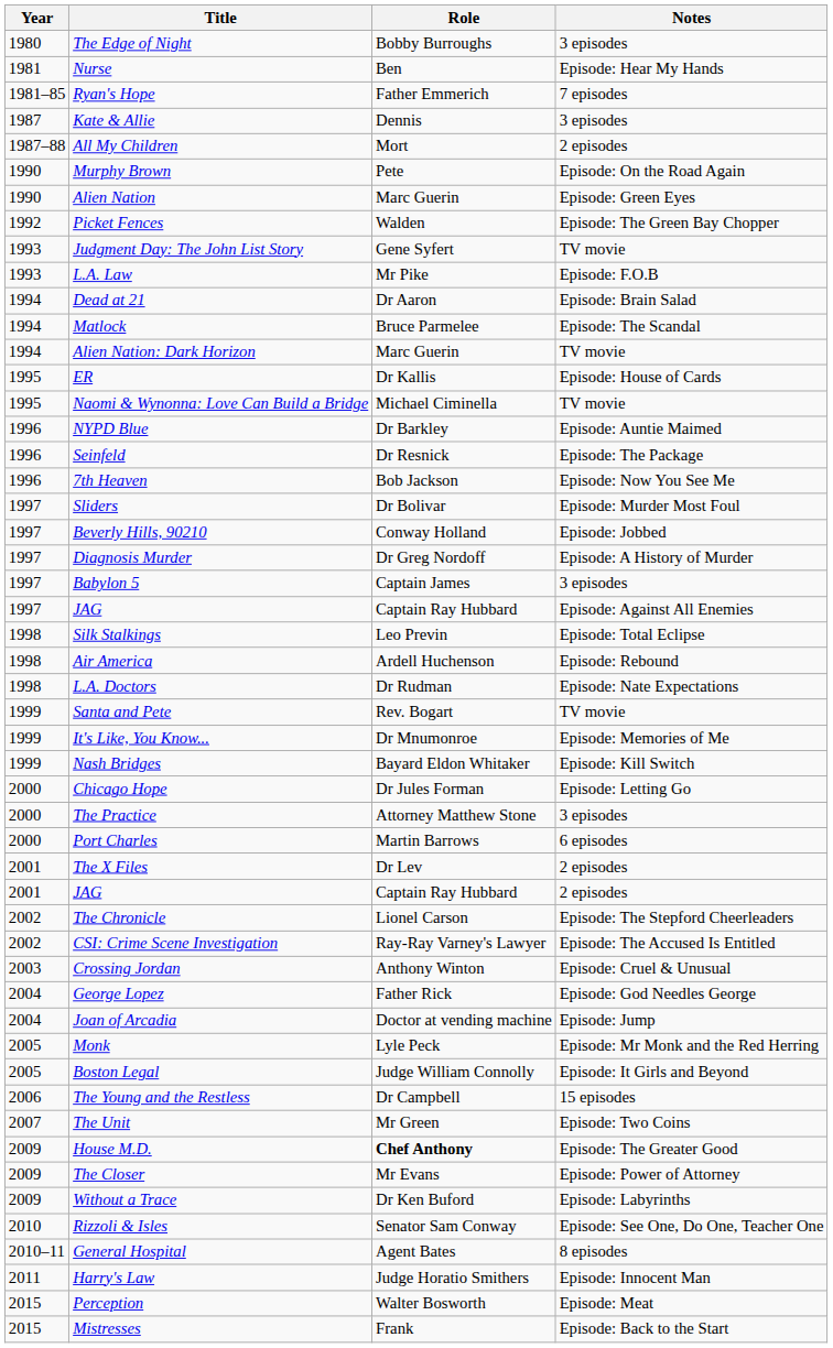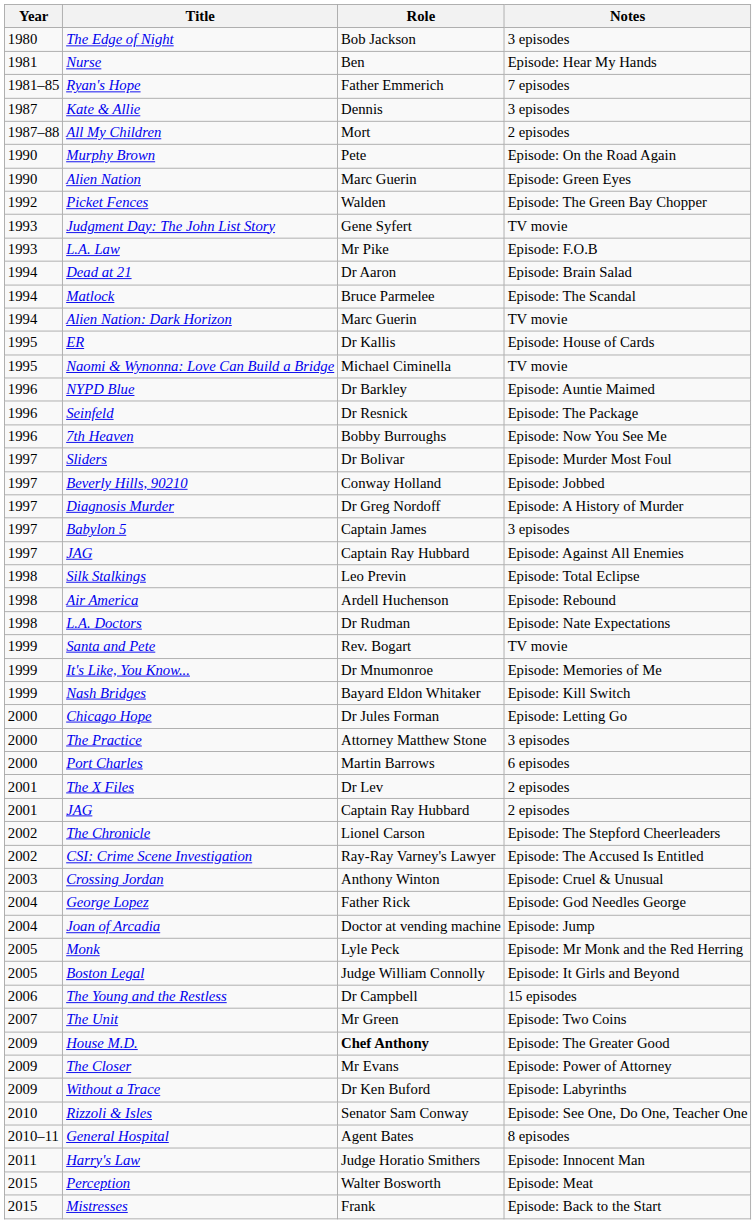 <table class="wikitable">
 <tr>
 <th>Year</th>
 <th>Title</th>
 <th>Role</th>
 <th>Notes</th>
 </tr>
 <tr>
 <td>1980</td>
 <td><em><a href='#'>The Edge of Night</a></em></td>
-<td>Bobby Burroughs</td>
+<td>Bob Jackson</td>
 <td>3 episodes</td>
 </tr>
 <tr>
 <td>1981</td>
 <td><em><a href='#'>Nurse</a></em></td>
 <td>Ben</td>
 <td>Episode: Hear My Hands</td>
 </tr>
 <tr>
 <td>1981–85</td>
 <td><em><a href='#'>Ryan's Hope</a></em></td>
 <td>Father Emmerich</td>
 <td>7 episodes</td>
 </tr>
 <tr>
 <td>1987</td>
 <td><em><a href='#'>Kate & Allie</a></em></td>
 <td>Dennis</td>
 <td>3 episodes</td>
 </tr>
 <tr>
 <td>1987–88</td>
 <td><em><a href='#'>All My Children</a></em></td>
 <td>Mort</td>
 <td>2 episodes</td>
 </tr>
 <tr>
 <td>1990</td>
 <td><em><a href='#'>Murphy Brown</a></em></td>
 <td>Pete</td>
 <td>Episode: On the Road Again</td>
 </tr>
 <tr>
 <td>1990</td>
 <td><em><a href='#'>Alien Nation</a></em></td>
 <td>Marc Guerin</td>
 <td>Episode: Green Eyes</td>
 </tr>
 <tr>
 <td>1992</td>
 <td><em><a href='#'>Picket Fences</a></em></td>
 <td>Walden</td>
 <td>Episode: The Green Bay Chopper</td>
 </tr>
 <tr>
 <td>1993</td>
 <td><em><a href='#'>Judgment Day: The John List Story</a></em></td>
 <td>Gene Syfert</td>
 <td>TV movie</td>
 </tr>
 <tr>
 <td>1993</td>
 <td><em><a href='#'>L.A. Law</a></em></td>
 <td>Mr Pike</td>
 <td>Episode: F.O.B</td>
 </tr>
 <tr>
 <td>1994</td>
 <td><em><a href='#'>Dead at 21</a></em></td>
 <td>Dr Aaron</td>
 <td>Episode: Brain Salad</td>
 </tr>
 <tr>
 <td>1994</td>
 <td><em><a href='#'>Matlock</a></em></td>
 <td>Bruce Parmelee</td>
 <td>Episode: The Scandal</td>
 </tr>
 <tr>
 <td>1994</td>
 <td><em><a href='#'>Alien Nation: Dark Horizon</a></em></td>
 <td>Marc Guerin</td>
 <td>TV movie</td>
 </tr>
 <tr>
 <td>1995</td>
 <td><em><a href='#'>ER</a></em></td>
 <td>Dr Kallis</td>
 <td>Episode: House of Cards</td>
 </tr>
 <tr>
 <td>1995</td>
 <td><em><a href='#'>Naomi & Wynonna: Love Can Build a Bridge</a></em></td>
 <td>Michael Ciminella</td>
 <td>TV movie</td>
 </tr>
 <tr>
 <td>1996</td>
 <td><em><a href='#'>NYPD Blue</a></em></td>
 <td>Dr Barkley</td>
 <td>Episode: Auntie Maimed</td>
 </tr>
 <tr>
 <td>1996</td>
 <td><em><a href='#'>Seinfeld</a></em></td>
 <td>Dr Resnick</td>
 <td>Episode: The Package</td>
 </tr>
 <tr>
 <td>1996</td>
 <td><em><a href='#'>7th Heaven</a></em></td>
-<td>Bob Jackson</td>
+<td>Bobby Burroughs</td>
 <td>Episode: Now You See Me</td>
 </tr>
 <tr>
 <td>1997</td>
 <td><em><a href='#'>Sliders</a></em></td>
 <td>Dr Bolivar</td>
 <td>Episode: Murder Most Foul</td>
 </tr>
 <tr>
 <td>1997</td>
 <td><em><a href='#'>Beverly Hills, 90210</a></em></td>
 <td>Conway Holland</td>
 <td>Episode: Jobbed</td>
 </tr>
 <tr>
 <td>1997</td>
 <td><em><a href='#'>Diagnosis Murder</a></em></td>
 <td>Dr Greg Nordoff</td>
 <td>Episode: A History of Murder</td>
 </tr>
 <tr>
 <td>1997</td>
 <td><em><a href='#'>Babylon 5</a></em></td>
 <td>Captain James</td>
 <td>3 episodes</td>
 </tr>
 <tr>
 <td>1997</td>
 <td><em><a href='#'>JAG</a></em></td>
 <td>Captain Ray Hubbard</td>
 <td>Episode: Against All Enemies</td>
 </tr>
 <tr>
 <td>1998</td>
 <td><em><a href='#'>Silk Stalkings</a></em></td>
 <td>Leo Previn</td>
 <td>Episode: Total Eclipse</td>
 </tr>
 <tr>
 <td>1998</td>
 <td><em><a href='#'>Air America</a></em></td>
 <td>Ardell Huchenson</td>
 <td>Episode: Rebound</td>
 </tr>
 <tr>
 <td>1998</td>
 <td><em><a href='#'>L.A. Doctors</a></em></td>
 <td>Dr Rudman</td>
 <td>Episode: Nate Expectations</td>
 </tr>
 <tr>
 <td>1999</td>
 <td><em><a href='#'>Santa and Pete</a></em></td>
 <td>Rev. Bogart</td>
 <td>TV movie</td>
 </tr>
 <tr>
 <td>1999</td>
 <td><em><a href='#'>It's Like, You Know...</a></em></td>
 <td>Dr Mnumonroe</td>
 <td>Episode: Memories of Me</td>
 </tr>
 <tr>
 <td>1999</td>
 <td><em><a href='#'>Nash Bridges</a></em></td>
 <td>Bayard Eldon Whitaker</td>
 <td>Episode: Kill Switch</td>
 </tr>
 <tr>
 <td>2000</td>
 <td><em><a href='#'>Chicago Hope</a></em></td>
 <td>Dr Jules Forman</td>
 <td>Episode: Letting Go</td>
 </tr>
 <tr>
 <td>2000</td>
 <td><em><a href='#'>The Practice</a></em></td>
 <td>Attorney Matthew Stone</td>
 <td>3 episodes</td>
 </tr>
 <tr>
 <td>2000</td>
 <td><em><a href='#'>Port Charles</a></em></td>
 <td>Martin Barrows</td>
 <td>6 episodes</td>
 </tr>
 <tr>
 <td>2001</td>
 <td><em><a href='#'>The X Files</a></em></td>
 <td>Dr Lev</td>
 <td>2 episodes</td>
 </tr>
 <tr>
 <td>2001</td>
 <td><em><a href='#'>JAG</a></em></td>
 <td>Captain Ray Hubbard</td>
 <td>2 episodes</td>
 </tr>
 <tr>
 <td>2002</td>
 <td><em><a href='#'>The Chronicle</a></em></td>
 <td>Lionel Carson</td>
 <td>Episode: The Stepford Cheerleaders</td>
 </tr>
 <tr>
 <td>2002</td>
 <td><em><a href='#'>CSI: Crime Scene Investigation</a></em></td>
 <td>Ray-Ray Varney's Lawyer</td>
 <td>Episode: The Accused Is Entitled</td>
 </tr>
 <tr>
 <td>2003</td>
 <td><em><a href='#'>Crossing Jordan</a></em></td>
 <td>Anthony Winton</td>
 <td>Episode: Cruel & Unusual</td>
 </tr>
 <tr>
 <td>2004</td>
 <td><em><a href='#'>George Lopez</a></em></td>
 <td>Father Rick</td>
 <td>Episode: God Needles George</td>
 </tr>
 <tr>
 <td>2004</td>
 <td><em><a href='#'>Joan of Arcadia</a></em></td>
 <td>Doctor at vending machine</td>
 <td>Episode: Jump</td>
 </tr>
 <tr>
 <td>2005</td>
 <td><em><a href='#'>Monk</a></em></td>
 <td>Lyle Peck</td>
 <td>Episode: Mr Monk and the Red Herring</td>
 </tr>
 <tr>
 <td>2005</td>
 <td><em><a href='#'>Boston Legal</a></em></td>
 <td>Judge William Connolly</td>
 <td>Episode: It Girls and Beyond</td>
 </tr>
 <tr>
 <td>2006</td>
 <td><em><a href='#'>The Young and the Restless</a></em></td>
 <td>Dr Campbell</td>
 <td>15 episodes</td>
 </tr>
 <tr>
 <td>2007</td>
 <td><em><a href='#'>The Unit</a></em></td>
 <td>Mr Green</td>
 <td>Episode: Two Coins</td>
 </tr>
 <tr>
 <td>2009</td>
 <td><em><a href='#'>House M.D.</a></em></td>
 <td><strong>Chef Anthony</strong></td>
 <td>Episode: The Greater Good</td>
 </tr>
 <tr>
 <td>2009</td>
 <td><em><a href='#'>The Closer</a></em></td>
 <td>Mr Evans</td>
 <td>Episode: Power of Attorney</td>
 </tr>
 <tr>
 <td>2009</td>
 <td><em><a href='#'>Without a Trace</a></em></td>
 <td>Dr Ken Buford</td>
 <td>Episode: Labyrinths</td>
 </tr>
 <tr>
 <td>2010</td>
 <td><em><a href='#'>Rizzoli & Isles</a></em></td>
 <td>Senator Sam Conway</td>
 <td>Episode: See One, Do One, Teacher One</td>
 </tr>
 <tr>
 <td>2010–11</td>
 <td><em><a href='#'>General Hospital</a></em></td>
 <td>Agent Bates</td>
 <td>8 episodes</td>
 </tr>
 <tr>
 <td>2011</td>
 <td><em><a href='#'>Harry's Law</a></em></td>
 <td>Judge Horatio Smithers</td>
 <td>Episode: Innocent Man</td>
 </tr>
 <tr>
 <td>2015</td>
 <td><em><a href='#'>Perception</a></em></td>
 <td>Walter Bosworth</td>
 <td>Episode: Meat</td>
 </tr>
 <tr>
 <td>2015</td>
 <td><em><a href='#'>Mistresses</a></em></td>
 <td>Frank</td>
 <td>Episode: Back to the Start</td>
 </tr>
 </table>
